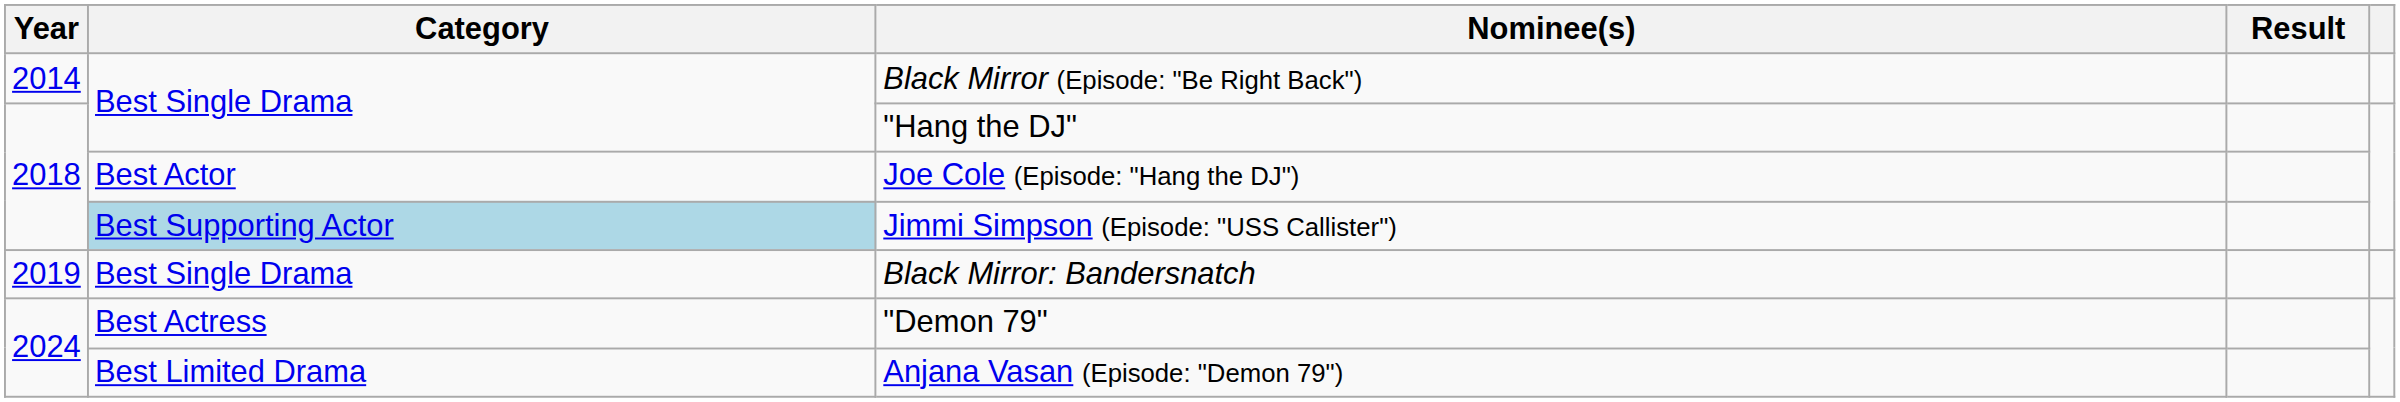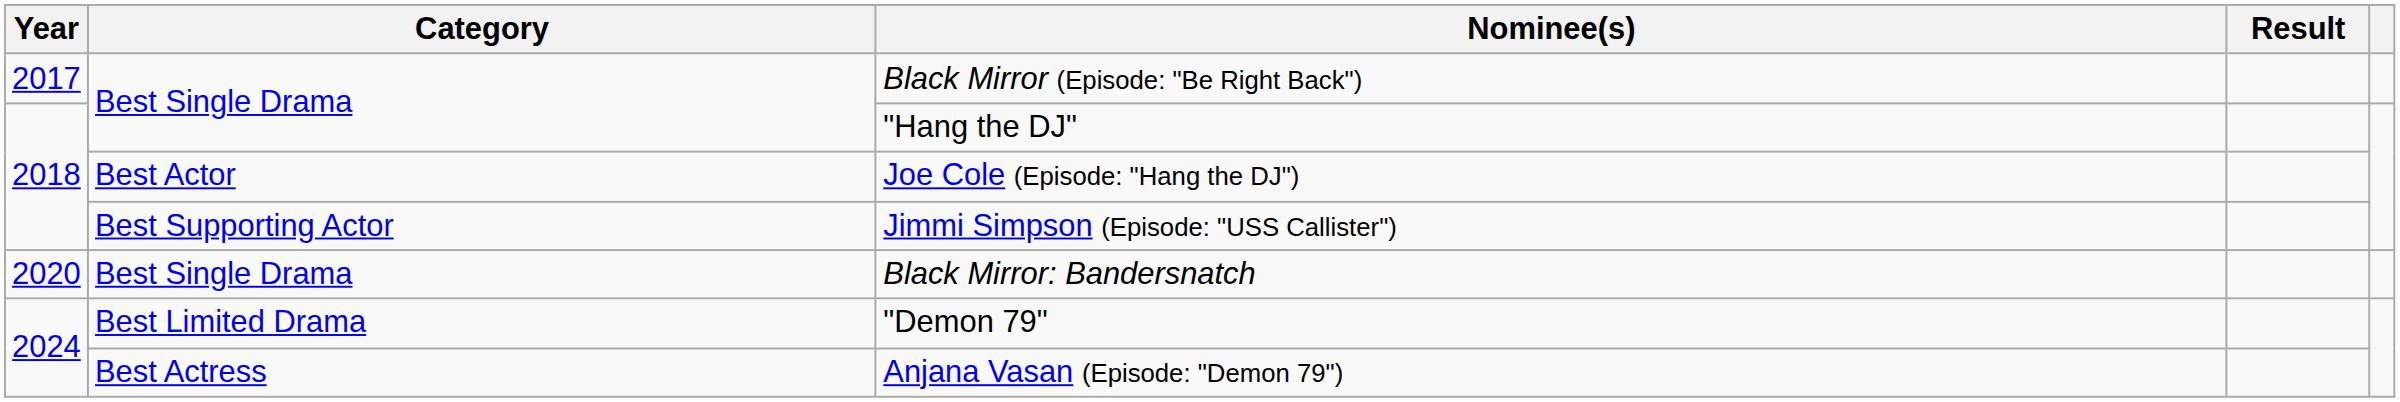 <table class="wikitable sortable" style="width:98%; summary:Black Mirror won zero of seven awards.">
 <tr>
 <th scope="col" style="width:3%;">Year</th>
 <th scope="col" style="width:33%;">Category</th>
 <th>Nominee(s)</th>
 <th scope="col" style="width:6%;">Result</th>
 <th scope="col" class="unsortable" style="width:1%;"></th>
 </tr>
 <tr>
-<td style="text-align: center;"><a href='#'>2014</a></td>
+<td style="text-align: center;"><a href='#'>2017</a></td>
 <td rowspan="2"><a href='#'>Best Single Drama</a></td>
 <td><em>Black Mirror</em> <small>(Episode: "Be Right Back")</small></td>
 <td></td>
 <td align="center"></td>
 </tr>
 <tr>
 <td rowspan="3" style="text-align: center;"><a href='#'>2018</a></td>
 <td>"Hang the DJ"</td>
 <td></td>
 <td rowspan="3" align="center"></td>
 </tr>
 <tr>
 <td><a href='#'>Best Actor</a></td>
 <td><a href='#'>Joe Cole</a> <small>(Episode: "Hang the DJ")</small></td>
 <td></td>
 </tr>
 <tr>
-<td style="background: lightblue;"><a href='#'>Best Supporting Actor</a></td>
+<td><a href='#'>Best Supporting Actor</a></td>
 <td><a href='#'>Jimmi Simpson</a> <small>(Episode: "USS Callister")</small></td>
 <td></td>
 </tr>
 <tr>
-<td style="text-align: center;"><a href='#'>2019</a></td>
+<td style="text-align: center;"><a href='#'>2020</a></td>
 <td><a href='#'>Best Single Drama</a></td>
 <td><em>Black Mirror: Bandersnatch</em></td>
 <td></td>
 <td align="center"></td>
 </tr>
 <tr>
 <td rowspan="2" style="text-align: center;"><a href='#'>2024</a></td>
-<td><a href='#'>Best Actress</a></td>
+<td><a href='#'>Best Limited Drama</a></td>
 <td>"Demon 79"</td>
 <td></td>
 <td rowspan="2" align="center"></td>
 </tr>
 <tr>
-<td><a href='#'>Best Limited Drama</a></td>
+<td><a href='#'>Best Actress</a></td>
 <td><a href='#'>Anjana Vasan</a> <small>(Episode: "Demon 79")</small></td>
 <td></td>
 </tr>
 </table>
